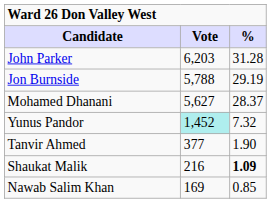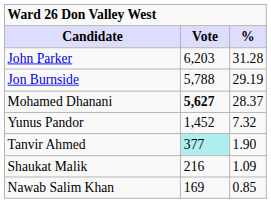 <table class="wikitable plainrowheaders">
 <tr>
 <td colspan="3"><strong>Ward 26 Don Valley West</strong></td>
 </tr>
 <tr>
 <th style="background:#ddf; width:200px;">Candidate</th>
 <th style="background:#ddf; width:50px;">Vote</th>
 <th style="background:#ddf; width:30px;">%</th>
 </tr>
 <tr>
 <td><a href='#'>John Parker</a></td>
 <td>6,203</td>
 <td>31.28</td>
 </tr>
 <tr>
 <td><a href='#'>Jon Burnside</a></td>
 <td>5,788</td>
 <td>29.19</td>
 </tr>
 <tr>
 <td>Mohamed Dhanani</td>
-<td>5,627</td>
+<td><strong>5,627</strong></td>
 <td>28.37</td>
 </tr>
 <tr>
 <td>Yunus Pandor</td>
-<td style="background: paleturquoise;">1,452</td>
+<td>1,452</td>
 <td>7.32</td>
 </tr>
 <tr>
 <td>Tanvir Ahmed</td>
-<td>377</td>
+<td style="background: paleturquoise;">377</td>
 <td>1.90</td>
 </tr>
 <tr>
 <td>Shaukat Malik</td>
 <td>216</td>
-<td><strong>1.09</strong></td>
+<td>1.09</td>
 </tr>
 <tr>
 <td>Nawab Salim Khan</td>
 <td>169</td>
 <td>0.85</td>
 </tr>
 </table>
